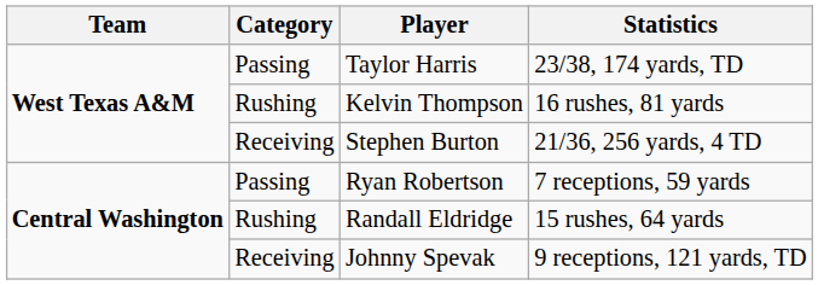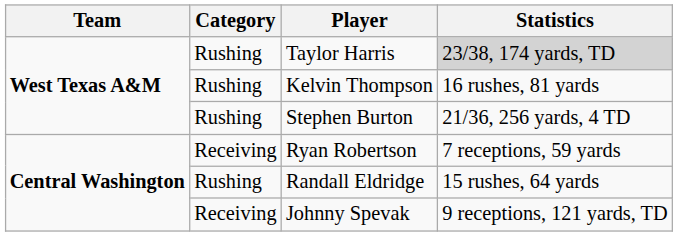 <table class="wikitable" style="float: right;">
 <tr>
 <th>Team</th>
 <th>Category</th>
 <th>Player</th>
 <th>Statistics</th>
 </tr>
 <tr>
 <td rowspan=3><strong>West Texas A&M</strong></td>
-<td>Passing</td>
+<td>Rushing</td>
 <td>Taylor Harris</td>
-<td>23/38, 174 yards, TD</td>
+<td style="background: lightgrey;">23/38, 174 yards, TD</td>
 </tr>
 <tr>
 <td>Rushing</td>
 <td>Kelvin Thompson</td>
 <td>16 rushes, 81 yards</td>
 </tr>
 <tr>
-<td>Receiving</td>
+<td>Rushing</td>
 <td>Stephen Burton</td>
 <td>21/36, 256 yards, 4 TD</td>
 </tr>
 <tr>
 <td rowspan=3><strong>Central Washington</strong></td>
-<td>Passing</td>
+<td>Receiving</td>
 <td>Ryan Robertson</td>
 <td>7 receptions, 59 yards</td>
 </tr>
 <tr>
 <td>Rushing</td>
 <td>Randall Eldridge</td>
 <td>15 rushes, 64 yards</td>
 </tr>
 <tr>
 <td>Receiving</td>
 <td>Johnny Spevak</td>
 <td>9 receptions, 121 yards, TD</td>
 </tr>
 </table>
